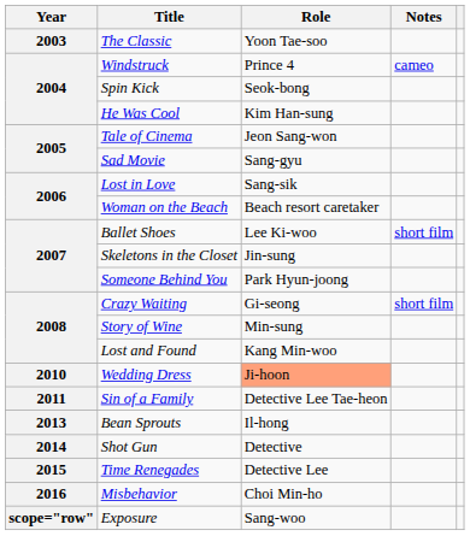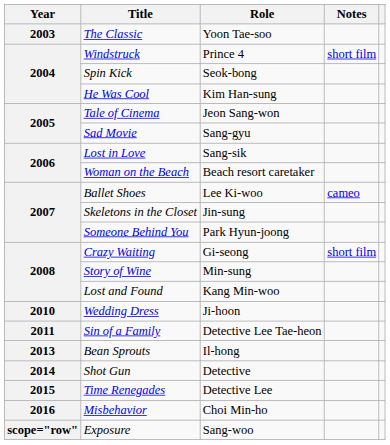 <table class="wikitable sortable plainrowheaders">
 <tr>
 <th>Year</th>
 <th>Title</th>
 <th>Role</th>
 <th scope="col">Notes</th>
 <th scope="col" class="unsortable"></th>
 </tr>
 <tr>
 <th scope="row">2003</th>
 <td><em><a href='#'>The Classic</a></em></td>
 <td>Yoon Tae-soo</td>
 <td></td>
 <td></td>
 </tr>
 <tr>
 <th scope="row" rowspan=3>2004</th>
 <td><em><a href='#'>Windstruck</a></em></td>
 <td>Prince 4</td>
-<td><a href='#'>cameo</a></td>
+<td><a href='#'>short film</a></td>
 <td></td>
 </tr>
 <tr>
 <td><em>Spin Kick</em></td>
 <td>Seok-bong</td>
 <td></td>
 <td></td>
 </tr>
 <tr>
 <td><em><a href='#'>He Was Cool</a></em></td>
 <td>Kim Han-sung</td>
 <td></td>
 <td></td>
 </tr>
 <tr>
 <th scope="row"  rowspan=2>2005</th>
 <td><em><a href='#'>Tale of Cinema</a></em></td>
 <td>Jeon Sang-won</td>
 <td></td>
 <td></td>
 </tr>
 <tr>
 <td><em><a href='#'>Sad Movie</a></em></td>
 <td>Sang-gyu</td>
 <td></td>
 <td></td>
 </tr>
 <tr>
 <th scope="row"  rowspan=2>2006</th>
 <td><em><a href='#'>Lost in Love</a></em></td>
 <td>Sang-sik</td>
 <td></td>
 <td></td>
 </tr>
 <tr>
 <td><em><a href='#'>Woman on the Beach</a></em></td>
 <td>Beach resort caretaker</td>
 <td></td>
 <td></td>
 </tr>
 <tr>
 <th scope="row" rowspan=3>2007</th>
 <td><em>Ballet Shoes</em></td>
 <td>Lee Ki-woo</td>
-<td><a href='#'>short film</a></td>
+<td><a href='#'>cameo</a></td>
 <td></td>
 </tr>
 <tr>
 <td><em>Skeletons in the Closet</em> </td>
 <td>Jin-sung</td>
 <td></td>
 <td></td>
 </tr>
 <tr>
 <td><em><a href='#'>Someone Behind You</a></em></td>
 <td>Park Hyun-joong</td>
 <td></td>
 <td></td>
 </tr>
 <tr>
 <th scope="row" rowspan=3>2008</th>
 <td><em><a href='#'>Crazy Waiting</a></em></td>
 <td>Gi-seong</td>
 <td><a href='#'>short film</a></td>
 <td></td>
 </tr>
 <tr>
 <td><em><a href='#'>Story of Wine</a></em></td>
 <td>Min-sung</td>
 <td></td>
 <td></td>
 </tr>
 <tr>
 <td><em>Lost and Found</em> </td>
 <td>Kang Min-woo</td>
 <td></td>
 <td></td>
 </tr>
 <tr>
 <th scope="row">2010</th>
 <td><em><a href='#'>Wedding Dress</a></em></td>
-<td style="background: lightsalmon;">Ji-hoon</td>
+<td>Ji-hoon</td>
 <td></td>
 <td></td>
 </tr>
 <tr>
 <th scope="row">2011</th>
 <td><em><a href='#'>Sin of a Family</a></em></td>
 <td>Detective Lee Tae-heon</td>
 <td></td>
 <td></td>
 </tr>
 <tr>
 <th scope="row">2013</th>
 <td><em>Bean Sprouts</em></td>
 <td>Il-hong</td>
 <td></td>
 <td></td>
 </tr>
 <tr>
 <th scope="row">2014</th>
 <td><em>Shot Gun</em></td>
 <td>Detective</td>
 <td></td>
 <td></td>
 </tr>
 <tr>
 <th scope="row">2015</th>
 <td><em><a href='#'>Time Renegades</a></em></td>
 <td>Detective Lee</td>
 <td></td>
 <td></td>
 </tr>
 <tr>
 <th scope="row">2016</th>
 <td><em><a href='#'>Misbehavior</a></em></td>
 <td>Choi Min-ho</td>
 <td></td>
 <td></td>
 </tr>
 <tr>
 <th>scope="row" </th>
 <td><em>Exposure</em></td>
 <td>Sang-woo</td>
 <td></td>
 <td></td>
 </tr>
 </table>
